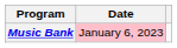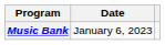 <table class="wikitable plainrowheaders" style="text-align:center;">
 <tr>
 <th>Program</th>
 <th>Date</th>
 <th class="unsortable"></th>
 </tr>
 <tr>
 <th scope="row" rowspan="2"><em><a href='#'>Music Bank</a></em></th>
-<td style="background: pink;">January 6, 2023</td>
+<td>January 6, 2023</td>
 <td style="text-align:center"></td>
 </tr>
 </table>
